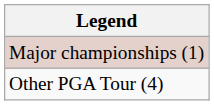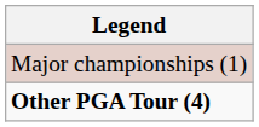 <table class="wikitable" style="font-size:95%;">
 <tr>
 <th>Legend</th>
 </tr>
 <tr style="background:#e5d1cb;">
 <td>Major championships (1)</td>
 </tr>
 <tr>
-<td>Other PGA Tour (4)</td>
+<td><strong>Other PGA Tour (4)</strong></td>
 </tr>
 </table>
